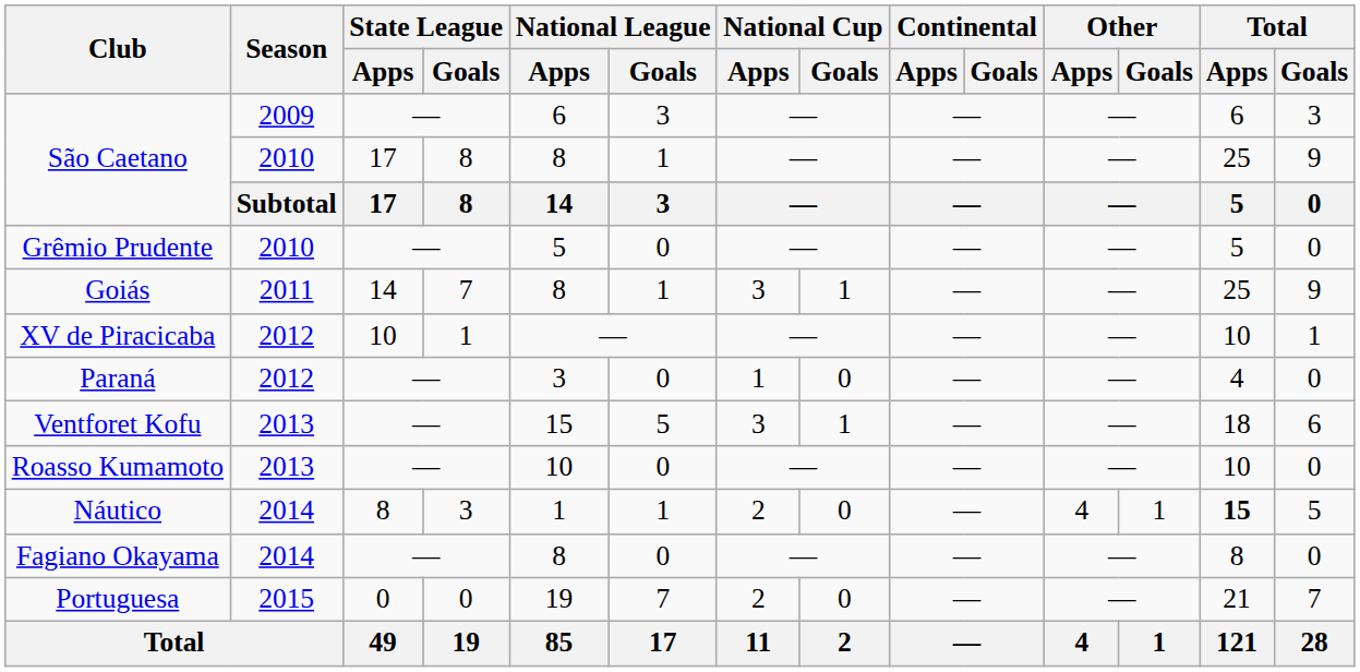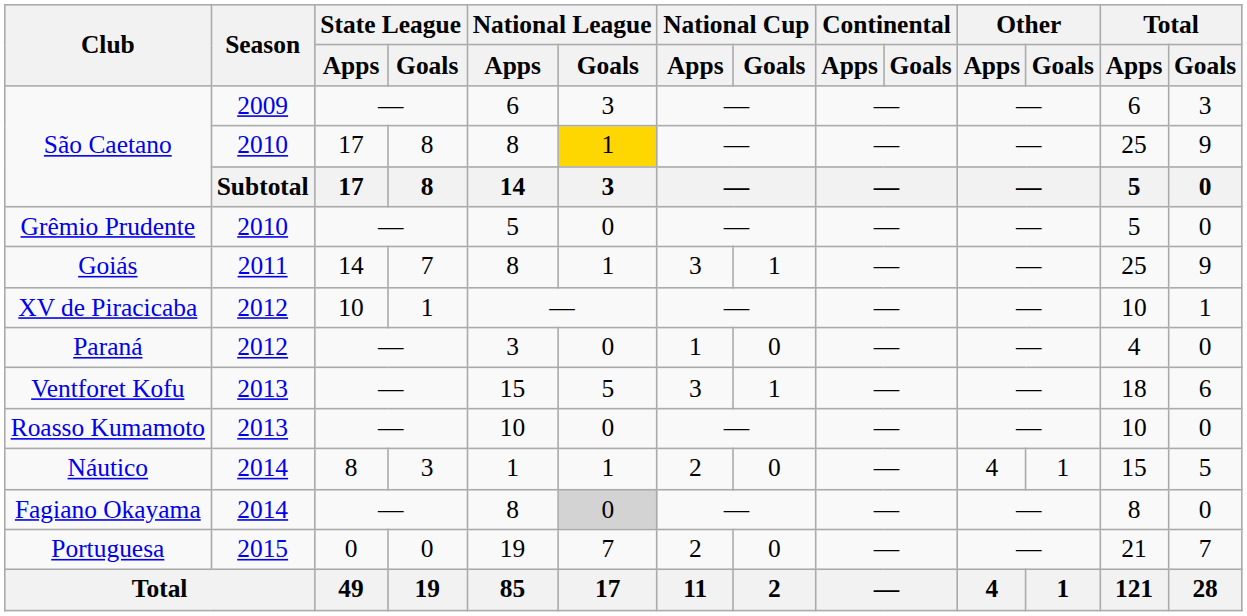 <table class="wikitable" style="text-align: center;">
 <tr>
 <th rowspan="2">Club</th>
 <th rowspan="2">Season</th>
 <th colspan="2">State League</th>
 <th colspan="2">National League</th>
 <th colspan="2">National Cup</th>
 <th colspan="2">Continental</th>
 <th colspan="2">Other</th>
 <th colspan="2">Total</th>
 </tr>
 <tr>
 <th>Apps</th>
 <th>Goals</th>
 <th>Apps</th>
 <th>Goals</th>
 <th>Apps</th>
 <th>Goals</th>
 <th>Apps</th>
 <th>Goals</th>
 <th>Apps</th>
 <th>Goals</th>
 <th>Apps</th>
 <th>Goals</th>
 </tr>
 <tr>
 <td rowspan="3" valign="center"><a href='#'>São Caetano</a></td>
 <td><a href='#'>2009</a></td>
 <td colspan="2">—</td>
 <td>6</td>
 <td>3</td>
 <td colspan="2">—</td>
 <td colspan="2">—</td>
 <td colspan="2">—</td>
 <td>6</td>
 <td>3</td>
 </tr>
 <tr>
 <td><a href='#'>2010</a></td>
 <td>17</td>
 <td>8</td>
 <td>8</td>
-<td>1</td>
+<td style="background: gold;">1</td>
 <td colspan="2">—</td>
 <td colspan="2">—</td>
 <td colspan="2">—</td>
 <td>25</td>
 <td>9</td>
 </tr>
 <tr>
 <th>Subtotal</th>
 <th>17</th>
 <th>8</th>
 <th>14</th>
 <th>3</th>
 <th colspan="2">—</th>
 <th colspan="2">—</th>
 <th colspan="2">—</th>
 <th>5</th>
 <th>0</th>
 </tr>
 <tr>
 <td valign="center"><a href='#'>Grêmio Prudente</a></td>
 <td><a href='#'>2010</a></td>
 <td colspan="2">—</td>
 <td>5</td>
 <td>0</td>
 <td colspan="2">—</td>
 <td colspan="2">—</td>
 <td colspan="2">—</td>
 <td>5</td>
 <td>0</td>
 </tr>
 <tr>
 <td valign="center"><a href='#'>Goiás</a></td>
 <td><a href='#'>2011</a></td>
 <td>14</td>
 <td>7</td>
 <td>8</td>
 <td>1</td>
 <td>3</td>
 <td>1</td>
 <td colspan="2">—</td>
 <td colspan="2">—</td>
 <td>25</td>
 <td>9</td>
 </tr>
 <tr>
 <td valign="center"><a href='#'>XV de Piracicaba</a></td>
 <td><a href='#'>2012</a></td>
 <td>10</td>
 <td>1</td>
 <td colspan="2">—</td>
 <td colspan="2">—</td>
 <td colspan="2">—</td>
 <td colspan="2">—</td>
 <td>10</td>
 <td>1</td>
 </tr>
 <tr>
 <td valign="center"><a href='#'>Paraná</a></td>
 <td><a href='#'>2012</a></td>
 <td colspan="2">—</td>
 <td>3</td>
 <td>0</td>
 <td>1</td>
 <td>0</td>
 <td colspan="2">—</td>
 <td colspan="2">—</td>
 <td>4</td>
 <td>0</td>
 </tr>
 <tr>
 <td valign="center"><a href='#'>Ventforet Kofu</a></td>
 <td><a href='#'>2013</a></td>
 <td colspan="2">—</td>
 <td>15</td>
 <td>5</td>
 <td>3</td>
 <td>1</td>
 <td colspan="2">—</td>
 <td colspan="2">—</td>
 <td>18</td>
 <td>6</td>
 </tr>
 <tr>
 <td valign="center"><a href='#'>Roasso Kumamoto</a></td>
 <td><a href='#'>2013</a></td>
 <td colspan="2">—</td>
 <td>10</td>
 <td>0</td>
 <td colspan="2">—</td>
 <td colspan="2">—</td>
 <td colspan="2">—</td>
 <td>10</td>
 <td>0</td>
 </tr>
 <tr>
 <td valign="center"><a href='#'>Náutico</a></td>
 <td><a href='#'>2014</a></td>
 <td>8</td>
 <td>3</td>
 <td>1</td>
 <td>1</td>
 <td>2</td>
 <td>0</td>
 <td colspan="2">—</td>
 <td>4</td>
 <td>1</td>
-<td><strong>15</strong></td>
+<td>15</td>
 <td>5</td>
 </tr>
 <tr>
 <td valign="center"><a href='#'>Fagiano Okayama</a></td>
 <td><a href='#'>2014</a></td>
 <td colspan="2">—</td>
 <td>8</td>
-<td>0</td>
+<td style="background: lightgrey;">0</td>
 <td colspan="2">—</td>
 <td colspan="2">—</td>
 <td colspan="2">—</td>
 <td>8</td>
 <td>0</td>
 </tr>
 <tr>
 <td valign="center"><a href='#'>Portuguesa</a></td>
 <td><a href='#'>2015</a></td>
 <td>0</td>
 <td>0</td>
 <td>19</td>
 <td>7</td>
 <td>2</td>
 <td>0</td>
 <td colspan="2">—</td>
 <td colspan="2">—</td>
 <td>21</td>
 <td>7</td>
 </tr>
 <tr>
 <th colspan="2"><strong>Total</strong></th>
 <th>49</th>
 <th>19</th>
 <th>85</th>
 <th>17</th>
 <th>11</th>
 <th>2</th>
 <th colspan="2">—</th>
 <th>4</th>
 <th>1</th>
 <th>121</th>
 <th>28</th>
 </tr>
 </table>
